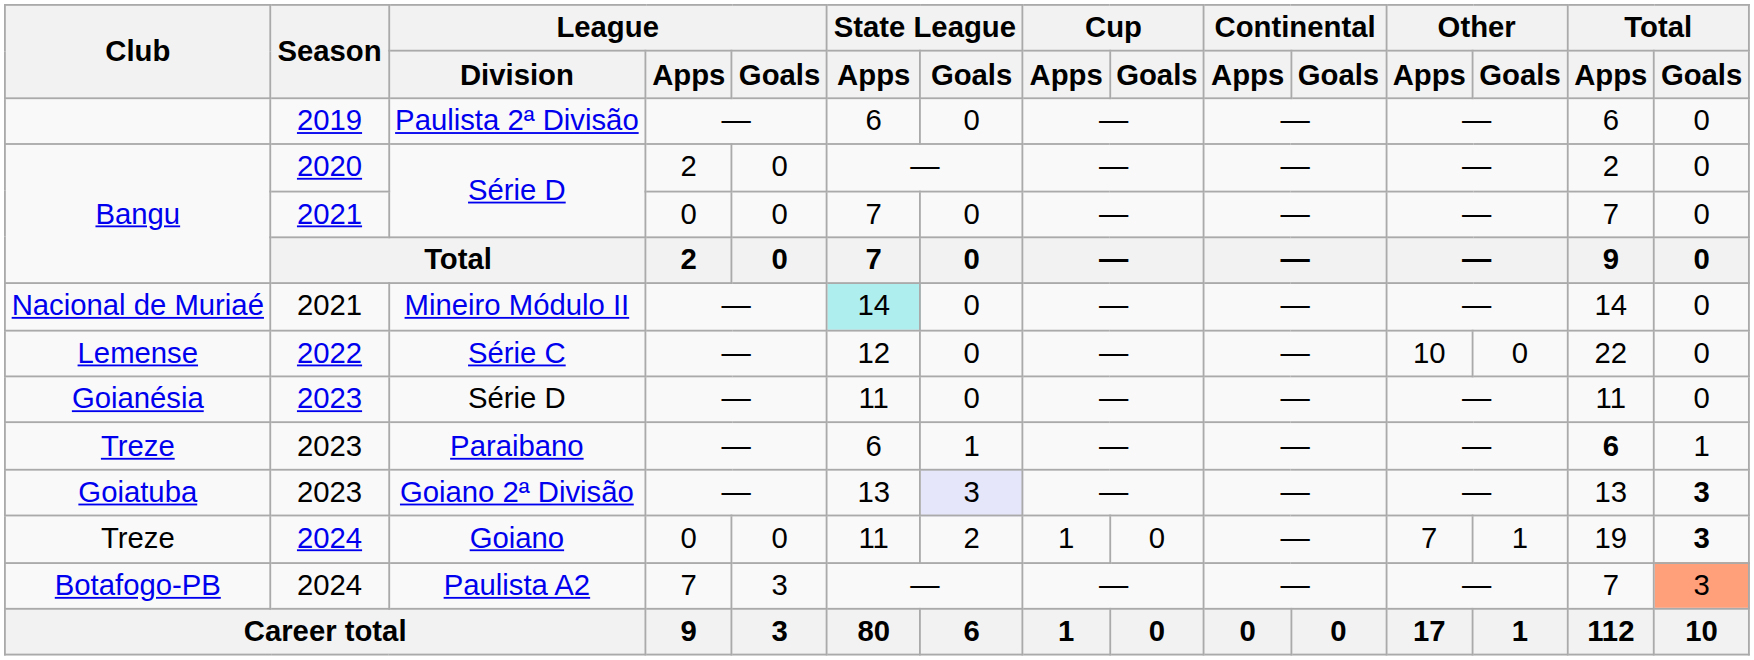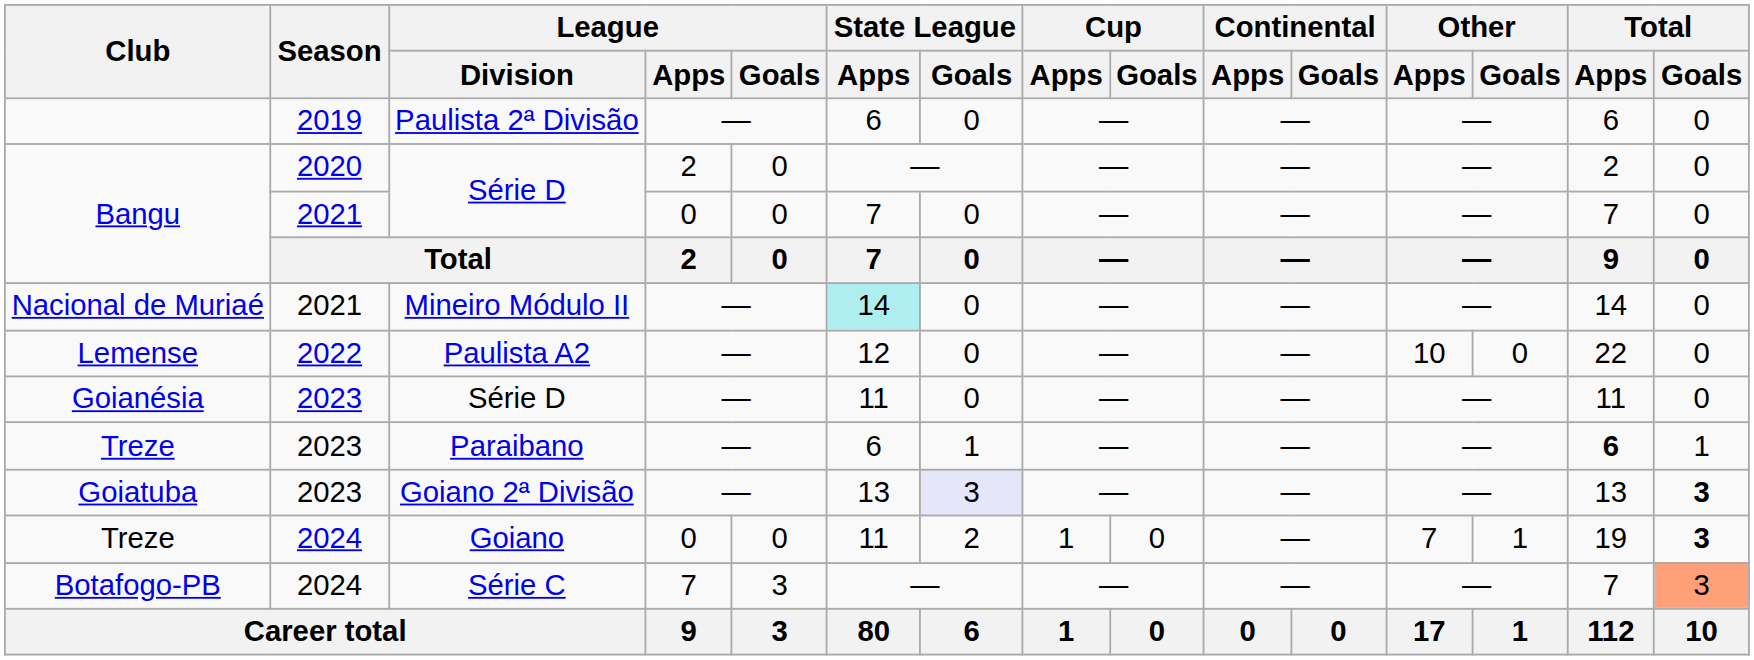 <table class="wikitable" style="text-align: center;">
 <tr>
 <th rowspan="2">Club</th>
 <th rowspan="2">Season</th>
 <th colspan="3">League</th>
 <th colspan="2">State League</th>
 <th colspan="2">Cup</th>
 <th colspan="2">Continental</th>
 <th colspan="2">Other</th>
 <th colspan="2">Total</th>
 </tr>
 <tr>
 <th>Division</th>
 <th>Apps</th>
 <th>Goals</th>
 <th>Apps</th>
 <th>Goals</th>
 <th>Apps</th>
 <th>Goals</th>
 <th>Apps</th>
 <th>Goals</th>
 <th>Apps</th>
 <th>Goals</th>
 <th>Apps</th>
 <th>Goals</th>
 </tr>
 <tr>
 <td valign="center"></td>
 <td><a href='#'>2019</a></td>
 <td><a href='#'>Paulista 2ª Divisão</a></td>
 <td colspan="2">—</td>
 <td>6</td>
 <td>0</td>
 <td colspan="2">—</td>
 <td colspan="2">—</td>
 <td colspan="2">—</td>
 <td>6</td>
 <td>0</td>
 </tr>
 <tr>
 <td rowspan="3" valign="center"><a href='#'>Bangu</a></td>
 <td><a href='#'>2020</a></td>
 <td rowspan="2"><a href='#'>Série D</a></td>
 <td>2</td>
 <td>0</td>
 <td colspan="2">—</td>
 <td colspan="2">—</td>
 <td colspan="2">—</td>
 <td colspan="2">—</td>
 <td>2</td>
 <td>0</td>
 </tr>
 <tr>
 <td><a href='#'>2021</a></td>
 <td>0</td>
 <td>0</td>
 <td>7</td>
 <td>0</td>
 <td colspan="2">—</td>
 <td colspan="2">—</td>
 <td colspan="2">—</td>
 <td>7</td>
 <td>0</td>
 </tr>
 <tr>
 <th colspan="2">Total</th>
 <th>2</th>
 <th>0</th>
 <th>7</th>
 <th>0</th>
 <th colspan="2">—</th>
 <th colspan="2">—</th>
 <th colspan="2">—</th>
 <th>9</th>
 <th>0</th>
 </tr>
 <tr>
 <td valign="center"><a href='#'>Nacional de Muriaé</a></td>
 <td>2021</td>
 <td><a href='#'>Mineiro Módulo II</a></td>
 <td colspan="2">—</td>
 <td style="background: paleturquoise;">14</td>
 <td>0</td>
 <td colspan="2">—</td>
 <td colspan="2">—</td>
 <td colspan="2">—</td>
 <td>14</td>
 <td>0</td>
 </tr>
 <tr>
 <td valign="center"><a href='#'>Lemense</a></td>
 <td><a href='#'>2022</a></td>
-<td><a href='#'>Série C</a></td>
+<td><a href='#'>Paulista A2</a></td>
 <td colspan="2">—</td>
 <td>12</td>
 <td>0</td>
 <td colspan="2">—</td>
 <td colspan="2">—</td>
 <td>10</td>
 <td>0</td>
 <td>22</td>
 <td>0</td>
 </tr>
 <tr>
 <td valign="center"><a href='#'>Goianésia</a></td>
 <td><a href='#'>2023</a></td>
 <td>Série D</td>
 <td colspan="2">—</td>
 <td>11</td>
 <td>0</td>
 <td colspan="2">—</td>
 <td colspan="2">—</td>
 <td colspan="2">—</td>
 <td>11</td>
 <td>0</td>
 </tr>
 <tr>
 <td valign="center"><a href='#'>Treze</a></td>
 <td>2023</td>
 <td><a href='#'>Paraibano</a></td>
 <td colspan="2">—</td>
 <td>6</td>
 <td>1</td>
 <td colspan="2">—</td>
 <td colspan="2">—</td>
 <td colspan="2">—</td>
 <td><strong>6</strong></td>
 <td>1</td>
 </tr>
 <tr>
 <td valign="center"><a href='#'>Goiatuba</a></td>
 <td>2023</td>
 <td><a href='#'>Goiano 2ª Divisão</a></td>
 <td colspan="2">—</td>
 <td>13</td>
 <td style="background: lavender;">3</td>
 <td colspan="2">—</td>
 <td colspan="2">—</td>
 <td colspan="2">—</td>
 <td>13</td>
 <td><strong>3</strong></td>
 </tr>
 <tr>
 <td valign="center">Treze</td>
 <td><a href='#'>2024</a></td>
 <td><a href='#'>Goiano</a></td>
 <td>0</td>
 <td>0</td>
 <td>11</td>
 <td>2</td>
 <td>1</td>
 <td>0</td>
 <td colspan="2">—</td>
 <td>7</td>
 <td>1</td>
 <td>19</td>
 <td><strong>3</strong></td>
 </tr>
 <tr>
 <td valign="center"><a href='#'>Botafogo-PB</a></td>
 <td>2024</td>
-<td><a href='#'>Paulista A2</a></td>
+<td><a href='#'>Série C</a></td>
 <td>7</td>
 <td>3</td>
 <td colspan="2">—</td>
 <td colspan="2">—</td>
 <td colspan="2">—</td>
 <td colspan="2">—</td>
 <td>7</td>
 <td style="background: lightsalmon;">3</td>
 </tr>
 <tr>
 <th colspan="3"><strong>Career total</strong></th>
 <th>9</th>
 <th>3</th>
 <th>80</th>
 <th>6</th>
 <th>1</th>
 <th>0</th>
 <th>0</th>
 <th>0</th>
 <th>17</th>
 <th>1</th>
 <th>112</th>
 <th>10</th>
 </tr>
 </table>
